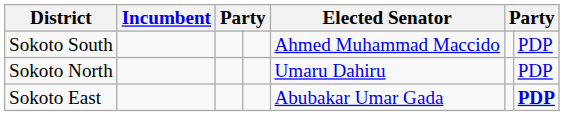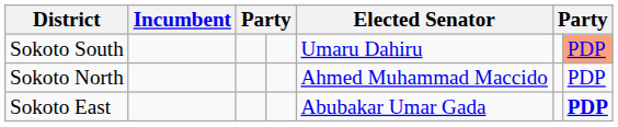 <table class="sortable wikitable" style="font-size:95%;line-height:14px;">
 <tr>
 <th class="unsortable">District</th>
 <th class="unsortable"><a href='#'>Incumbent</a></th>
 <th colspan="2">Party</th>
 <th class="unsortable">Elected Senator</th>
 <th colspan="2">Party</th>
 </tr>
 <tr>
 <td>Sokoto South</td>
 <td></td>
 <td></td>
 <td></td>
-<td><a href='#'>Ahmed Muhammad Maccido</a></td>
+<td><a href='#'>Umaru Dahiru</a></td>
 <td style="background:"></td>
-<td><a href='#'>PDP</a></td>
+<td style="background: lightsalmon;"><a href='#'>PDP</a></td>
 </tr>
 <tr>
 <td>Sokoto North</td>
 <td></td>
 <td></td>
 <td></td>
-<td><a href='#'>Umaru Dahiru</a></td>
+<td><a href='#'>Ahmed Muhammad Maccido</a></td>
 <td style="background:"></td>
 <td><a href='#'>PDP</a></td>
 </tr>
 <tr>
 <td>Sokoto East</td>
 <td></td>
 <td></td>
 <td></td>
 <td><a href='#'>Abubakar Umar Gada</a></td>
 <td style="background:"></td>
 <td><strong><a href='#'>PDP</a></strong></td>
 </tr>
 </table>
